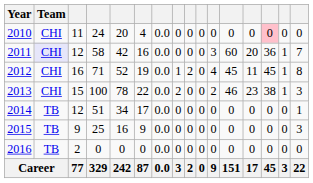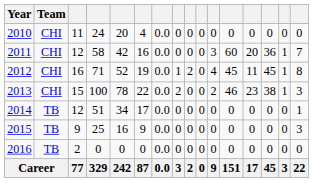 <table class="wikitable sortable" style="text-align:center">
 <tr>
 <th>Year</th>
 <th>Team</th>
 <th></th>
 <th></th>
 <th></th>
 <th></th>
 <th></th>
 <th></th>
 <th></th>
 <th></th>
 <th></th>
 <th></th>
 <th></th>
 <th></th>
 <th></th>
 <th></th>
 </tr>
 <tr>
 <td><a href='#'>2010</a></td>
 <td><a href='#'>CHI</a></td>
 <td>11</td>
 <td>24</td>
 <td>20</td>
 <td>4</td>
 <td>0.0</td>
 <td>0</td>
 <td>0</td>
 <td>0</td>
 <td>0</td>
 <td>0</td>
 <td>0</td>
-<td style="background: pink;">0</td>
+<td>0</td>
 <td>0</td>
 <td>0</td>
 </tr>
 <tr>
 <td><a href='#'>2011</a></td>
-<td style="background: lavender;"><a href='#'>CHI</a></td>
+<td><a href='#'>CHI</a></td>
 <td>12</td>
 <td>58</td>
 <td>42</td>
 <td>16</td>
 <td>0.0</td>
 <td>0</td>
 <td>0</td>
 <td>0</td>
 <td>3</td>
 <td>60</td>
 <td>20</td>
 <td>36</td>
 <td>1</td>
 <td>7</td>
 </tr>
 <tr>
 <td><a href='#'>2012</a></td>
 <td><a href='#'>CHI</a></td>
 <td>16</td>
 <td>71</td>
 <td>52</td>
 <td>19</td>
 <td>0.0</td>
 <td>1</td>
 <td>2</td>
 <td>0</td>
 <td>4</td>
 <td>45</td>
 <td>11</td>
 <td>45</td>
 <td>1</td>
 <td>8</td>
 </tr>
 <tr>
 <td><a href='#'>2013</a></td>
 <td><a href='#'>CHI</a></td>
 <td>15</td>
 <td>100</td>
 <td>78</td>
 <td>22</td>
 <td>0.0</td>
 <td>2</td>
 <td>0</td>
 <td>0</td>
 <td>2</td>
 <td>46</td>
 <td>23</td>
 <td>38</td>
 <td>1</td>
 <td>3</td>
 </tr>
 <tr>
 <td><a href='#'>2014</a></td>
 <td><a href='#'>TB</a></td>
 <td>12</td>
 <td>51</td>
 <td>34</td>
 <td>17</td>
 <td>0.0</td>
 <td>0</td>
 <td>0</td>
 <td>0</td>
 <td>0</td>
 <td>0</td>
 <td>0</td>
 <td>0</td>
 <td>0</td>
 <td>1</td>
 </tr>
 <tr>
 <td><a href='#'>2015</a></td>
 <td><a href='#'>TB</a></td>
 <td>9</td>
 <td>25</td>
 <td>16</td>
 <td>9</td>
 <td>0.0</td>
 <td>0</td>
 <td>0</td>
 <td>0</td>
 <td>0</td>
 <td>0</td>
 <td>0</td>
 <td>0</td>
 <td>0</td>
 <td>3</td>
 </tr>
 <tr>
 <td><a href='#'>2016</a></td>
 <td><a href='#'>TB</a></td>
 <td>2</td>
 <td>0</td>
 <td>0</td>
 <td>0</td>
 <td>0.0</td>
 <td>0</td>
 <td>0</td>
 <td>0</td>
 <td>0</td>
 <td>0</td>
 <td>0</td>
 <td>0</td>
 <td>0</td>
 <td>0</td>
 </tr>
 <tr>
 <th colspan="2">Career</th>
 <th>77</th>
 <th>329</th>
 <th>242</th>
 <th>87</th>
 <th>0.0</th>
 <th>3</th>
 <th>2</th>
 <th>0</th>
 <th>9</th>
 <th>151</th>
 <th>17</th>
 <th>45</th>
 <th>3</th>
 <th>22</th>
 </tr>
 </table>
